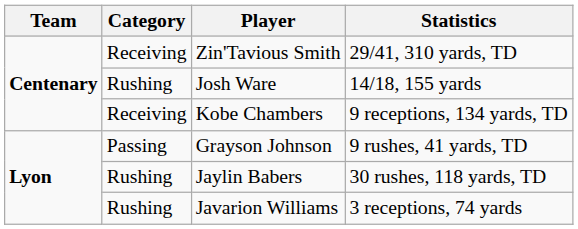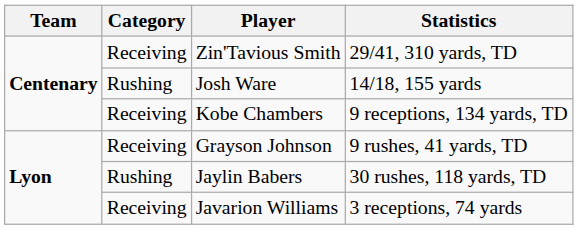 <table class="wikitable" style="float: left;">
 <tr>
 <th>Team</th>
 <th>Category</th>
 <th>Player</th>
 <th>Statistics</th>
 </tr>
 <tr>
 <td rowspan=3><strong>Centenary</strong></td>
 <td>Receiving</td>
 <td>Zin'Tavious Smith</td>
 <td>29/41, 310 yards, TD</td>
 </tr>
 <tr>
 <td>Rushing</td>
 <td>Josh Ware</td>
 <td>14/18, 155 yards</td>
 </tr>
 <tr>
 <td>Receiving</td>
 <td>Kobe Chambers</td>
 <td>9 receptions, 134 yards, TD</td>
 </tr>
 <tr>
 <td rowspan=3><strong>Lyon</strong></td>
-<td>Passing</td>
+<td>Receiving</td>
 <td>Grayson Johnson</td>
 <td>9 rushes, 41 yards, TD</td>
 </tr>
 <tr>
 <td>Rushing</td>
 <td>Jaylin Babers</td>
 <td>30 rushes, 118 yards, TD</td>
 </tr>
 <tr>
-<td>Rushing</td>
+<td>Receiving</td>
 <td>Javarion Williams</td>
 <td>3 receptions, 74 yards</td>
 </tr>
 </table>
